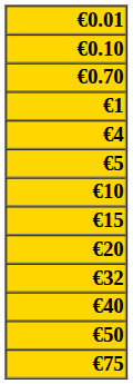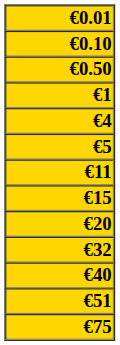 <table border=1 cellspacing=0 cellpadding=1 width=95px style="background:gold;text-align:right">
 <tr>
 <td><strong>€0.01</strong></td>
 </tr>
 <tr>
 <td><strong>€0.10</strong></td>
 </tr>
 <tr>
-<td><strong>€0.70</strong></td>
+<td><strong>€0.50</strong></td>
 </tr>
 <tr>
 <td><strong>€1</strong></td>
 </tr>
 <tr>
 <td><strong>€4</strong></td>
 </tr>
 <tr>
 <td><strong>€5</strong></td>
 </tr>
 <tr>
-<td><strong>€10</strong></td>
+<td><strong>€11</strong></td>
 </tr>
 <tr>
 <td><strong>€15</strong></td>
 </tr>
 <tr>
 <td><strong>€20</strong></td>
 </tr>
 <tr>
 <td><strong>€32</strong></td>
 </tr>
 <tr>
 <td><strong>€40</strong></td>
 </tr>
 <tr>
-<td><strong>€50</strong></td>
+<td><strong>€51</strong></td>
 </tr>
 <tr>
 <td><strong>€75</strong></td>
 </tr>
 </table>
